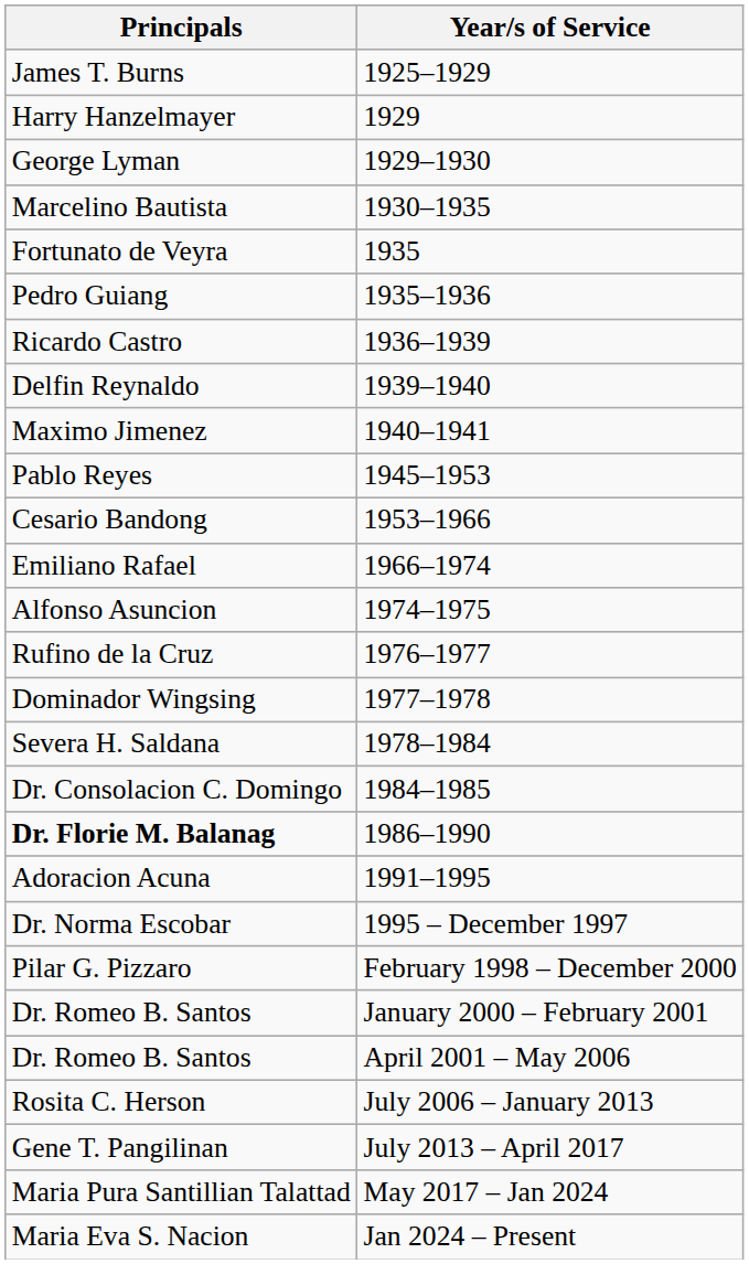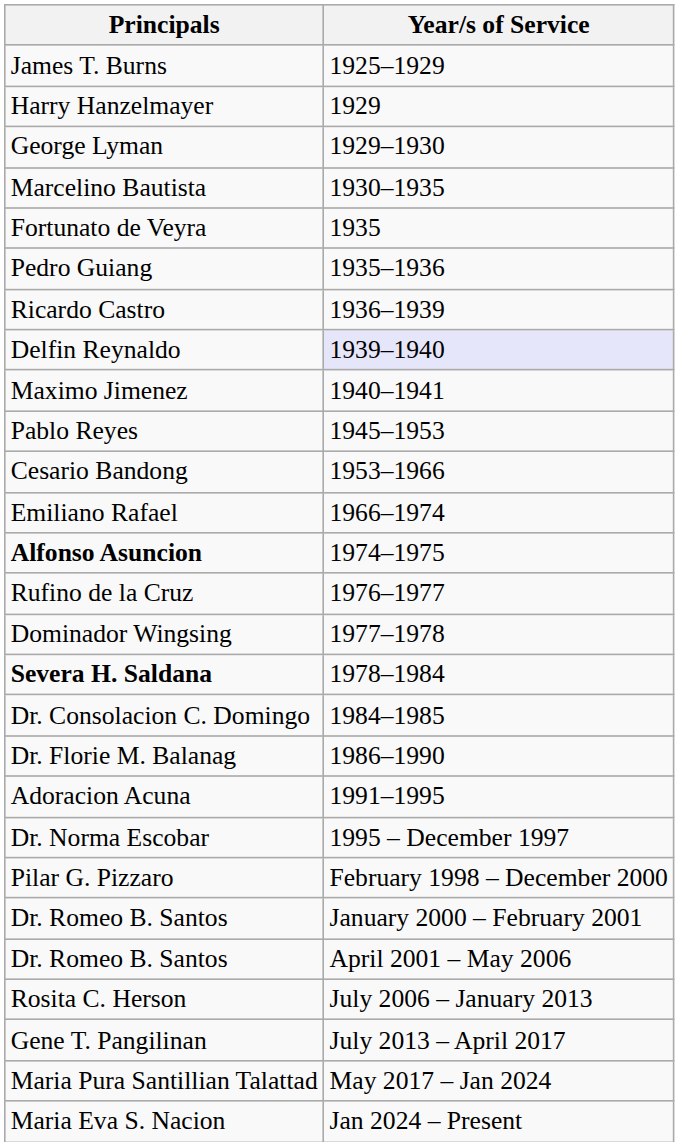 <table class="wikitable">
 <tr>
 <th>Principals</th>
 <th>Year/s of Service</th>
 </tr>
 <tr>
 <td>James T. Burns</td>
 <td>1925–1929</td>
 </tr>
 <tr>
 <td>Harry Hanzelmayer</td>
 <td>1929</td>
 </tr>
 <tr>
 <td>George Lyman</td>
 <td>1929–1930</td>
 </tr>
 <tr>
 <td>Marcelino Bautista</td>
 <td>1930–1935</td>
 </tr>
 <tr>
 <td>Fortunato de Veyra</td>
 <td>1935</td>
 </tr>
 <tr>
 <td>Pedro Guiang</td>
 <td>1935–1936</td>
 </tr>
 <tr>
 <td>Ricardo Castro</td>
 <td>1936–1939</td>
 </tr>
 <tr>
 <td>Delfin Reynaldo</td>
-<td>1939–1940</td>
+<td style="background: lavender;">1939–1940</td>
 </tr>
 <tr>
 <td>Maximo Jimenez</td>
 <td>1940–1941</td>
 </tr>
 <tr>
 <td>Pablo Reyes</td>
 <td>1945–1953</td>
 </tr>
 <tr>
 <td>Cesario Bandong</td>
 <td>1953–1966</td>
 </tr>
 <tr>
 <td>Emiliano Rafael</td>
 <td>1966–1974</td>
 </tr>
 <tr>
-<td>Alfonso Asuncion</td>
+<td><strong>Alfonso Asuncion</strong></td>
 <td>1974–1975</td>
 </tr>
 <tr>
 <td>Rufino de la Cruz</td>
 <td>1976–1977</td>
 </tr>
 <tr>
 <td>Dominador Wingsing</td>
 <td>1977–1978</td>
 </tr>
 <tr>
-<td>Severa H. Saldana</td>
+<td><strong>Severa H. Saldana</strong></td>
 <td>1978–1984</td>
 </tr>
 <tr>
 <td>Dr. Consolacion C. Domingo</td>
 <td>1984–1985</td>
 </tr>
 <tr>
-<td><strong>Dr. Florie M. Balanag</strong></td>
+<td>Dr. Florie M. Balanag</td>
 <td>1986–1990</td>
 </tr>
 <tr>
 <td>Adoracion Acuna</td>
 <td>1991–1995</td>
 </tr>
 <tr>
 <td>Dr. Norma Escobar</td>
 <td>1995 – December 1997</td>
 </tr>
 <tr>
 <td>Pilar G. Pizzaro</td>
 <td>February 1998 – December 2000</td>
 </tr>
 <tr>
 <td>Dr. Romeo B. Santos</td>
 <td>January 2000 – February 2001</td>
 </tr>
 <tr>
 <td>Dr. Romeo B. Santos</td>
 <td>April 2001 – May 2006</td>
 </tr>
 <tr>
 <td>Rosita C. Herson</td>
 <td>July 2006 – January 2013</td>
 </tr>
 <tr>
 <td>Gene T. Pangilinan</td>
 <td>July 2013 – April 2017</td>
 </tr>
 <tr>
 <td>Maria Pura Santillian Talattad</td>
 <td>May 2017 – Jan 2024</td>
 </tr>
 <tr>
 <td>Maria Eva S. Nacion</td>
 <td>Jan 2024 – Present</td>
 </tr>
 </table>
